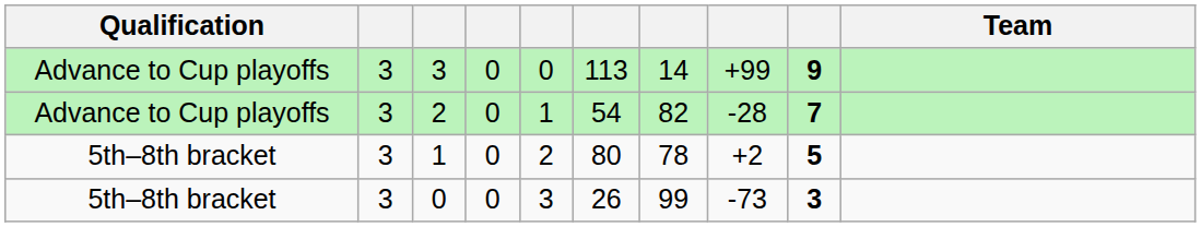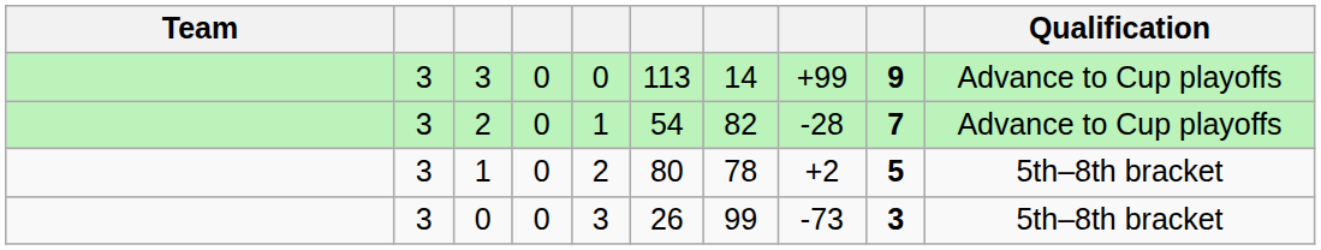 <table class="wikitable" style="text-align:center;">
 <tr>
-<th style="width:12.5em">Qualification</th>
+<th style="width:12.5em">Team</th>
 <th style="width:1.5em;"></th>
 <th style="width:1.5em;"></th>
 <th style="width:1.5em;"></th>
 <th style="width:1.5em;"></th>
 <th style="width:2.0em;"></th>
 <th style="width:2.0em;"></th>
 <th style="width:2.5em;"></th>
 <th style="width:1.5em;"></th>
-<th style="width:12.5em">Team</th>
+<th style="width:12.5em">Qualification</th>
 </tr>
 <tr bgcolor=#bbf3bb>
-<td>Advance to Cup playoffs</td>
+<td align=left></td>
 <td>3</td>
 <td>3</td>
 <td>0</td>
 <td>0</td>
 <td>113</td>
 <td>14</td>
 <td>+99</td>
 <td><strong>9</strong></td>
-<td align=left></td>
+<td>Advance to Cup playoffs</td>
 </tr>
 <tr bgcolor=#bbf3bb>
-<td>Advance to Cup playoffs</td>
+<td align=left></td>
 <td>3</td>
 <td>2</td>
 <td>0</td>
 <td>1</td>
 <td>54</td>
 <td>82</td>
 <td>-28</td>
 <td><strong>7</strong></td>
-<td align=left></td>
+<td>Advance to Cup playoffs</td>
 </tr>
 <tr>
-<td>5th–8th bracket</td>
+<td align=left></td>
 <td>3</td>
 <td>1</td>
 <td>0</td>
 <td>2</td>
 <td>80</td>
 <td>78</td>
 <td>+2</td>
 <td><strong>5</strong></td>
-<td align=left></td>
+<td>5th–8th bracket</td>
 </tr>
 <tr>
-<td>5th–8th bracket</td>
+<td align=left></td>
 <td>3</td>
 <td>0</td>
 <td>0</td>
 <td>3</td>
 <td>26</td>
 <td>99</td>
 <td>-73</td>
 <td><strong>3</strong></td>
-<td align=left></td>
+<td>5th–8th bracket</td>
 </tr>
 </table>
